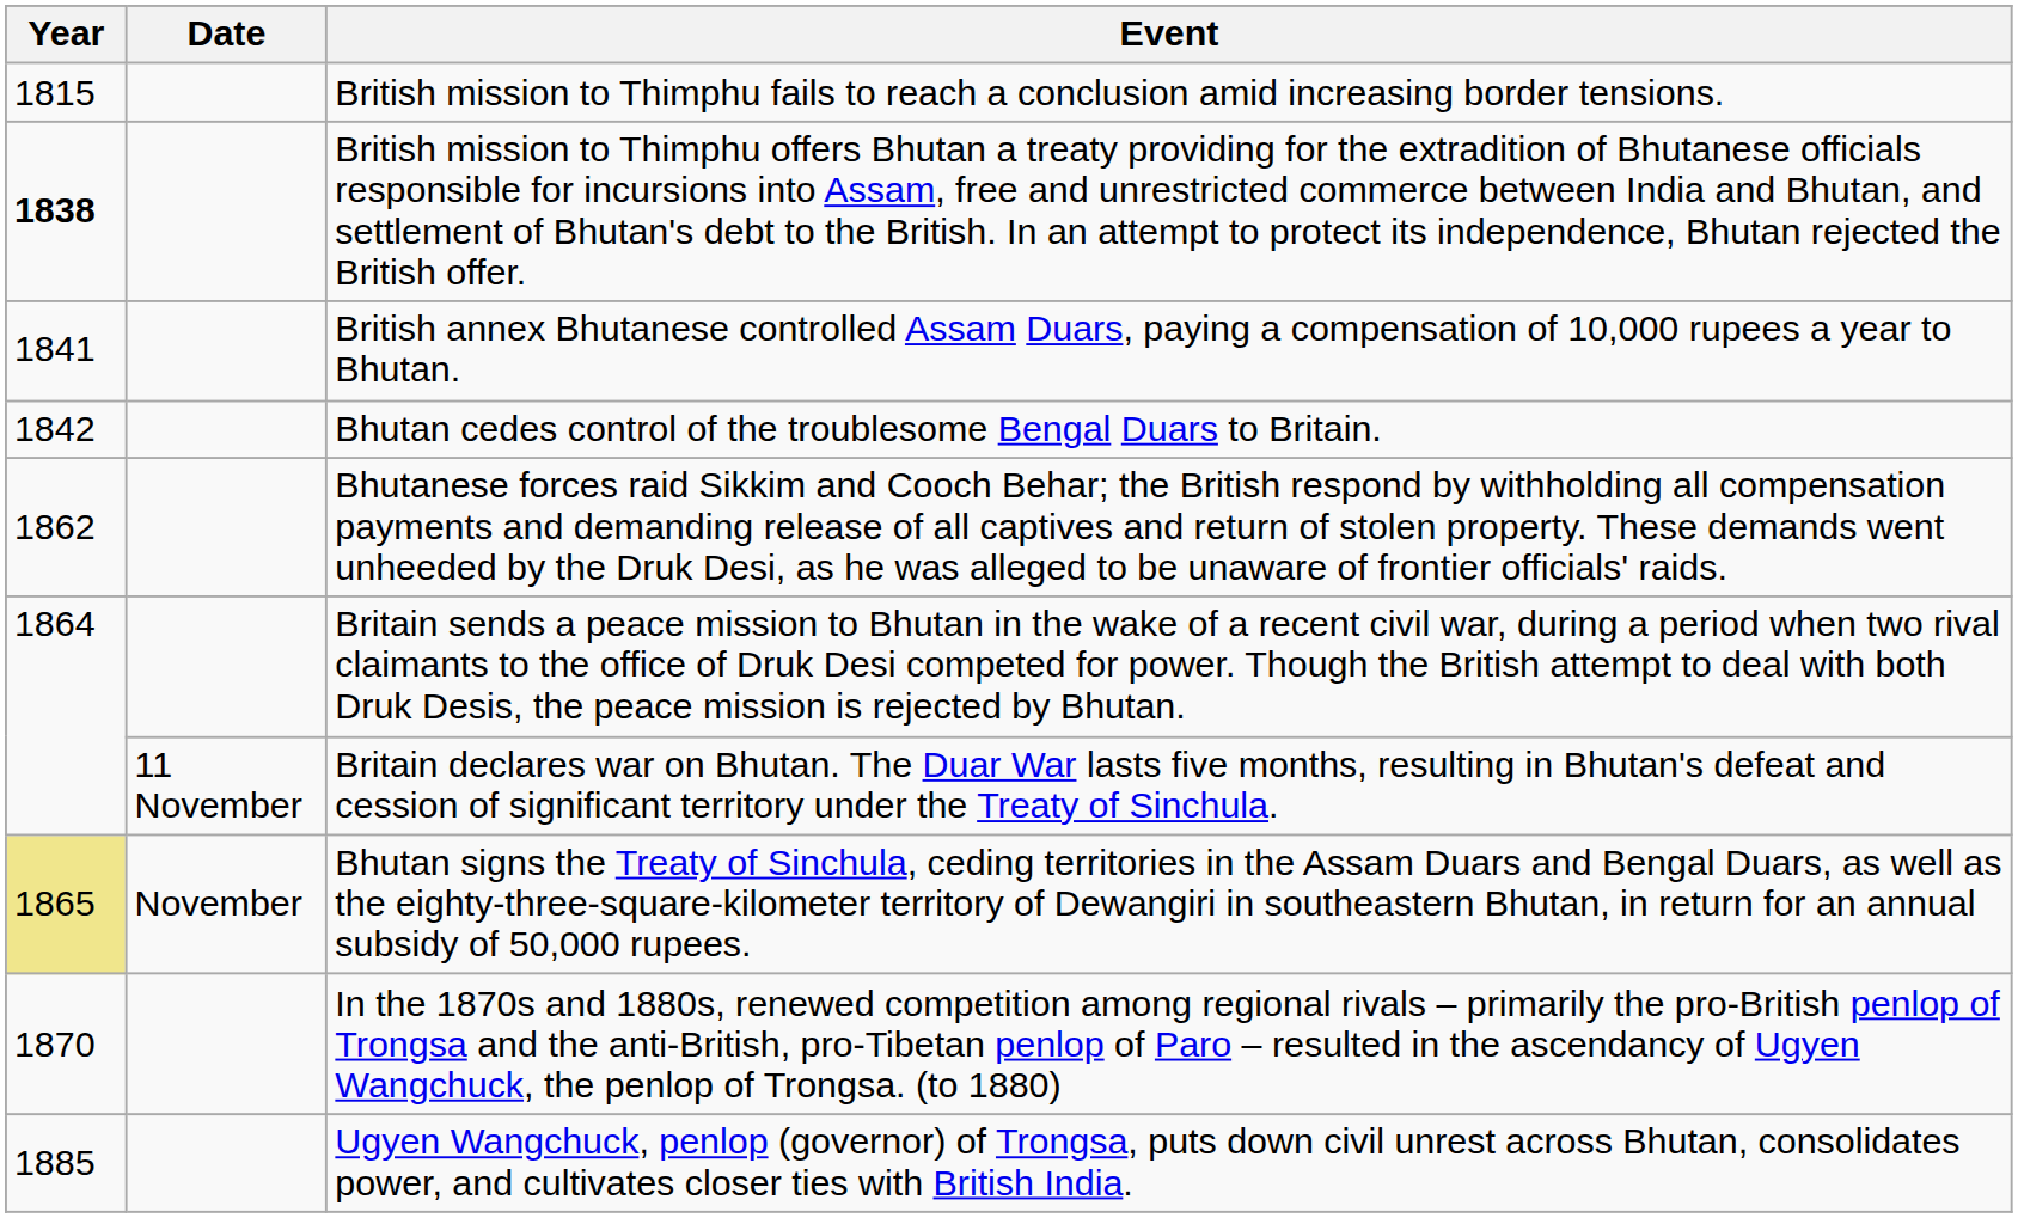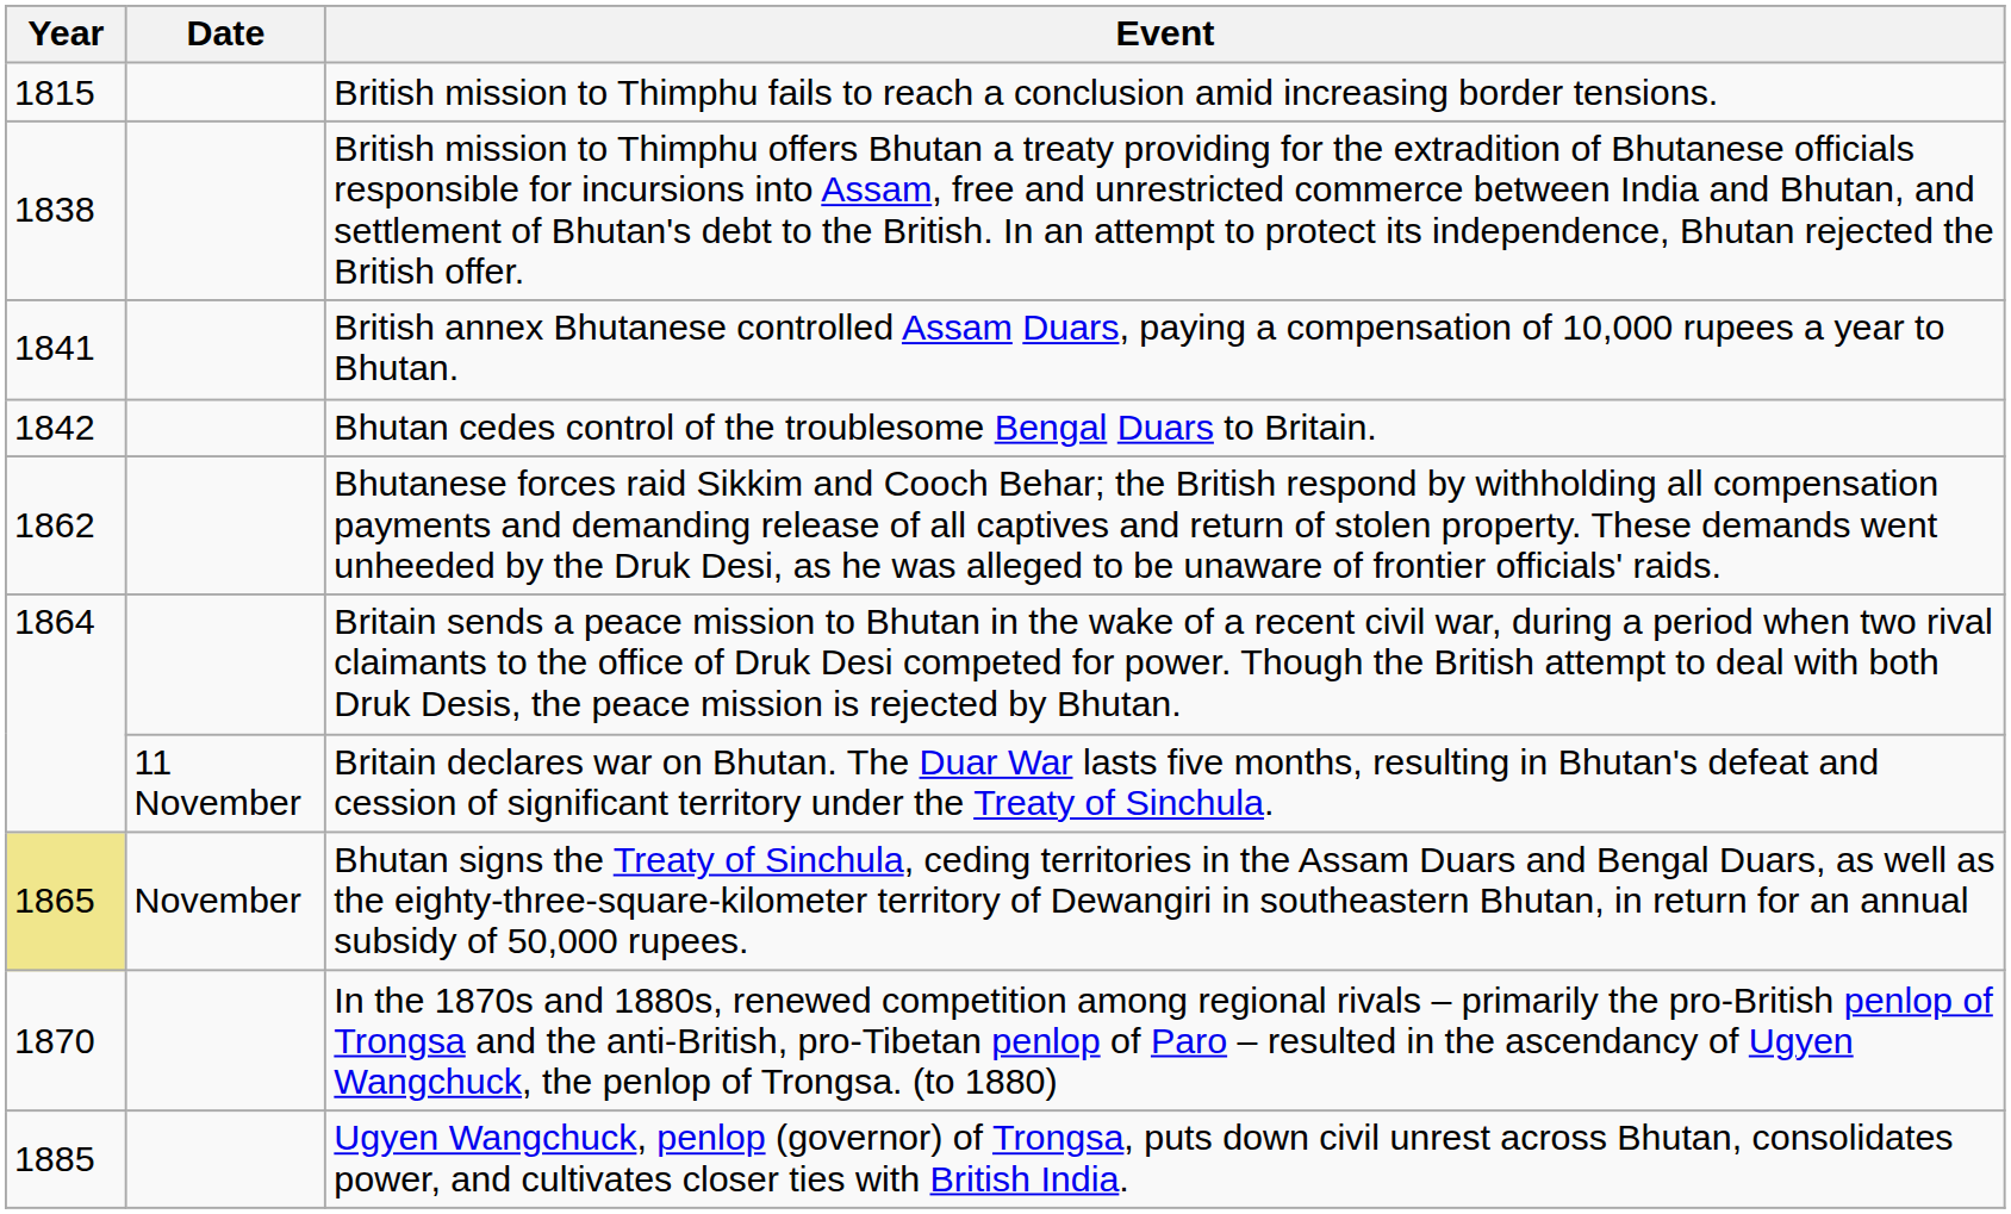 <table class="wikitable" width="100%">
 <tr>
 <th style="width:6%">Year</th>
 <th style="width:10%">Date</th>
 <th>Event</th>
 </tr>
 <tr>
 <td>1815</td>
 <td></td>
 <td>British mission to Thimphu fails to reach a conclusion amid increasing border tensions.</td>
 </tr>
 <tr>
-<td><strong>1838</strong></td>
+<td>1838</td>
 <td></td>
 <td>British mission to Thimphu offers Bhutan a treaty providing for the extradition of Bhutanese officials responsible for incursions into <a href='#'>Assam</a>, free and unrestricted commerce between India and Bhutan, and settlement of Bhutan's debt to the British. In an attempt to protect its independence, Bhutan rejected the British offer.</td>
 </tr>
 <tr>
 <td>1841</td>
 <td></td>
 <td>British annex Bhutanese controlled <a href='#'>Assam</a> <a href='#'>Duars</a>, paying a compensation of 10,000 rupees a year to Bhutan.</td>
 </tr>
 <tr>
 <td>1842</td>
 <td></td>
 <td>Bhutan cedes control of the troublesome <a href='#'>Bengal</a> <a href='#'>Duars</a> to Britain.</td>
 </tr>
 <tr>
 <td>1862</td>
 <td></td>
 <td>Bhutanese forces raid Sikkim and Cooch Behar; the British respond by withholding all compensation payments and demanding release of all captives and return of stolen property. These demands went unheeded by the Druk Desi, as he was alleged to be unaware of frontier officials' raids.</td>
 </tr>
 <tr>
 <td rowspan="2" valign="top">1864</td>
 <td></td>
 <td>Britain sends a peace mission to Bhutan in the wake of a recent civil war, during a period when two rival claimants to the office of Druk Desi competed for power. Though the British attempt to deal with both Druk Desis, the peace mission is rejected by Bhutan.</td>
 </tr>
 <tr>
 <td>11 November</td>
 <td>Britain declares war on Bhutan. The <a href='#'>Duar War</a> lasts five months, resulting in Bhutan's defeat and cession of significant territory under the <a href='#'>Treaty of Sinchula</a>.</td>
 </tr>
 <tr>
 <td style="background: khaki;">1865</td>
 <td>November</td>
 <td>Bhutan signs the <a href='#'>Treaty of Sinchula</a>, ceding territories in the Assam Duars and Bengal Duars, as well as the eighty-three-square-kilometer territory of Dewangiri in southeastern Bhutan, in return for an annual subsidy of 50,000 rupees.</td>
 </tr>
 <tr>
 <td>1870</td>
 <td></td>
 <td>In the 1870s and 1880s, renewed competition among regional rivals – primarily the pro-British <a href='#'>penlop of Trongsa</a> and the anti-British, pro-Tibetan <a href='#'>penlop</a> of <a href='#'>Paro</a> – resulted in the ascendancy of <a href='#'>Ugyen Wangchuck</a>, the penlop of Trongsa. (to 1880)</td>
 </tr>
 <tr>
 <td>1885</td>
 <td></td>
 <td><a href='#'>Ugyen Wangchuck</a>, <a href='#'>penlop</a> (governor) of <a href='#'>Trongsa</a>, puts down civil unrest across Bhutan, consolidates power, and cultivates closer ties with <a href='#'>British India</a>.</td>
 </tr>
 </table>
